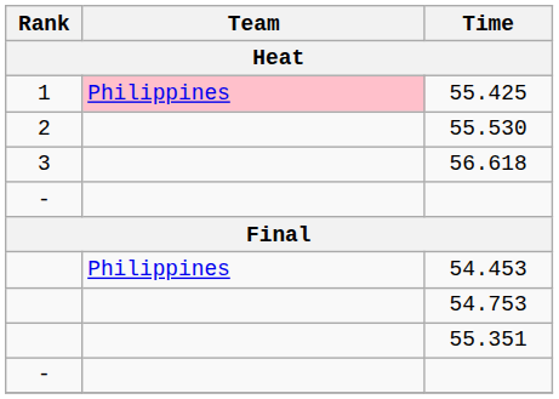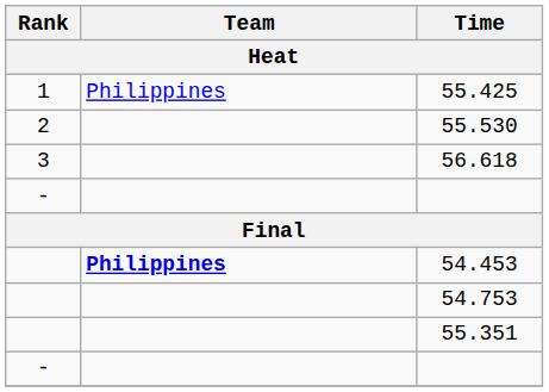 <table class=wikitable style="text-align:center">
 <tr>
 <th width=40>Rank</th>
 <th width=200>Team</th>
 <th width=70>Time</th>
 </tr>
 <tr>
 <th colspan=3>Heat</th>
 </tr>
 <tr>
 <td>1</td>
-<td align=left style="background: pink;"> <a href='#'>Philippines</a></td>
+<td align=left> <a href='#'>Philippines</a></td>
 <td>55.425</td>
 </tr>
 <tr>
 <td>2</td>
 <td align=left></td>
 <td>55.530</td>
 </tr>
 <tr>
 <td>3</td>
 <td align=left></td>
 <td>56.618</td>
 </tr>
 <tr>
 <td>-</td>
 <td align=left></td>
 <td></td>
 </tr>
 <tr>
 <th colspan=3>Final</th>
 </tr>
 <tr>
 <td></td>
-<td align=left> <a href='#'>Philippines</a></td>
+<td align=left><strong> <a href='#'>Philippines</a></strong></td>
 <td>54.453</td>
 </tr>
 <tr>
 <td></td>
 <td align=left></td>
 <td>54.753</td>
 </tr>
 <tr>
 <td></td>
 <td align=left></td>
 <td>55.351</td>
 </tr>
 <tr>
 <td>-</td>
 <td align=left></td>
 <td></td>
 </tr>
 <tr>
 </tr>
 </table>
